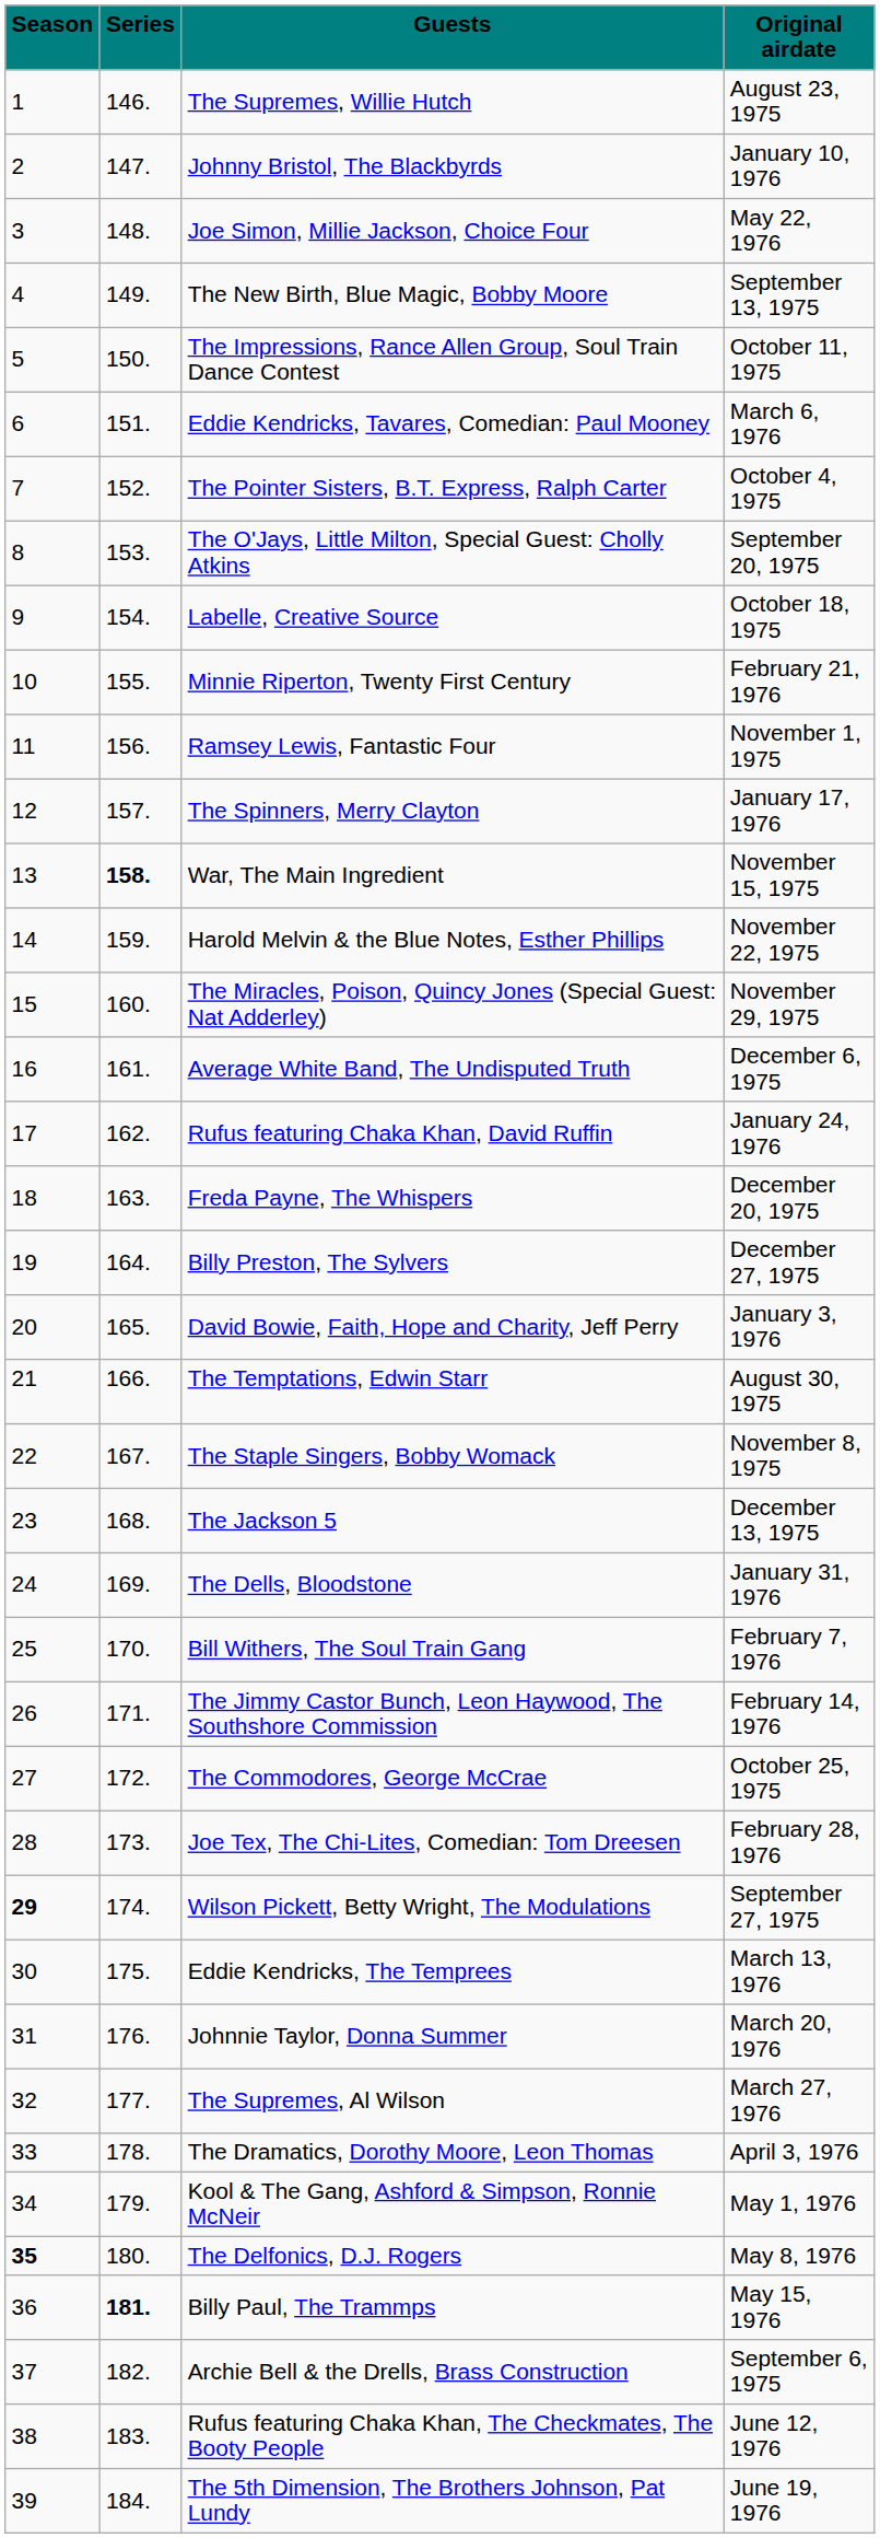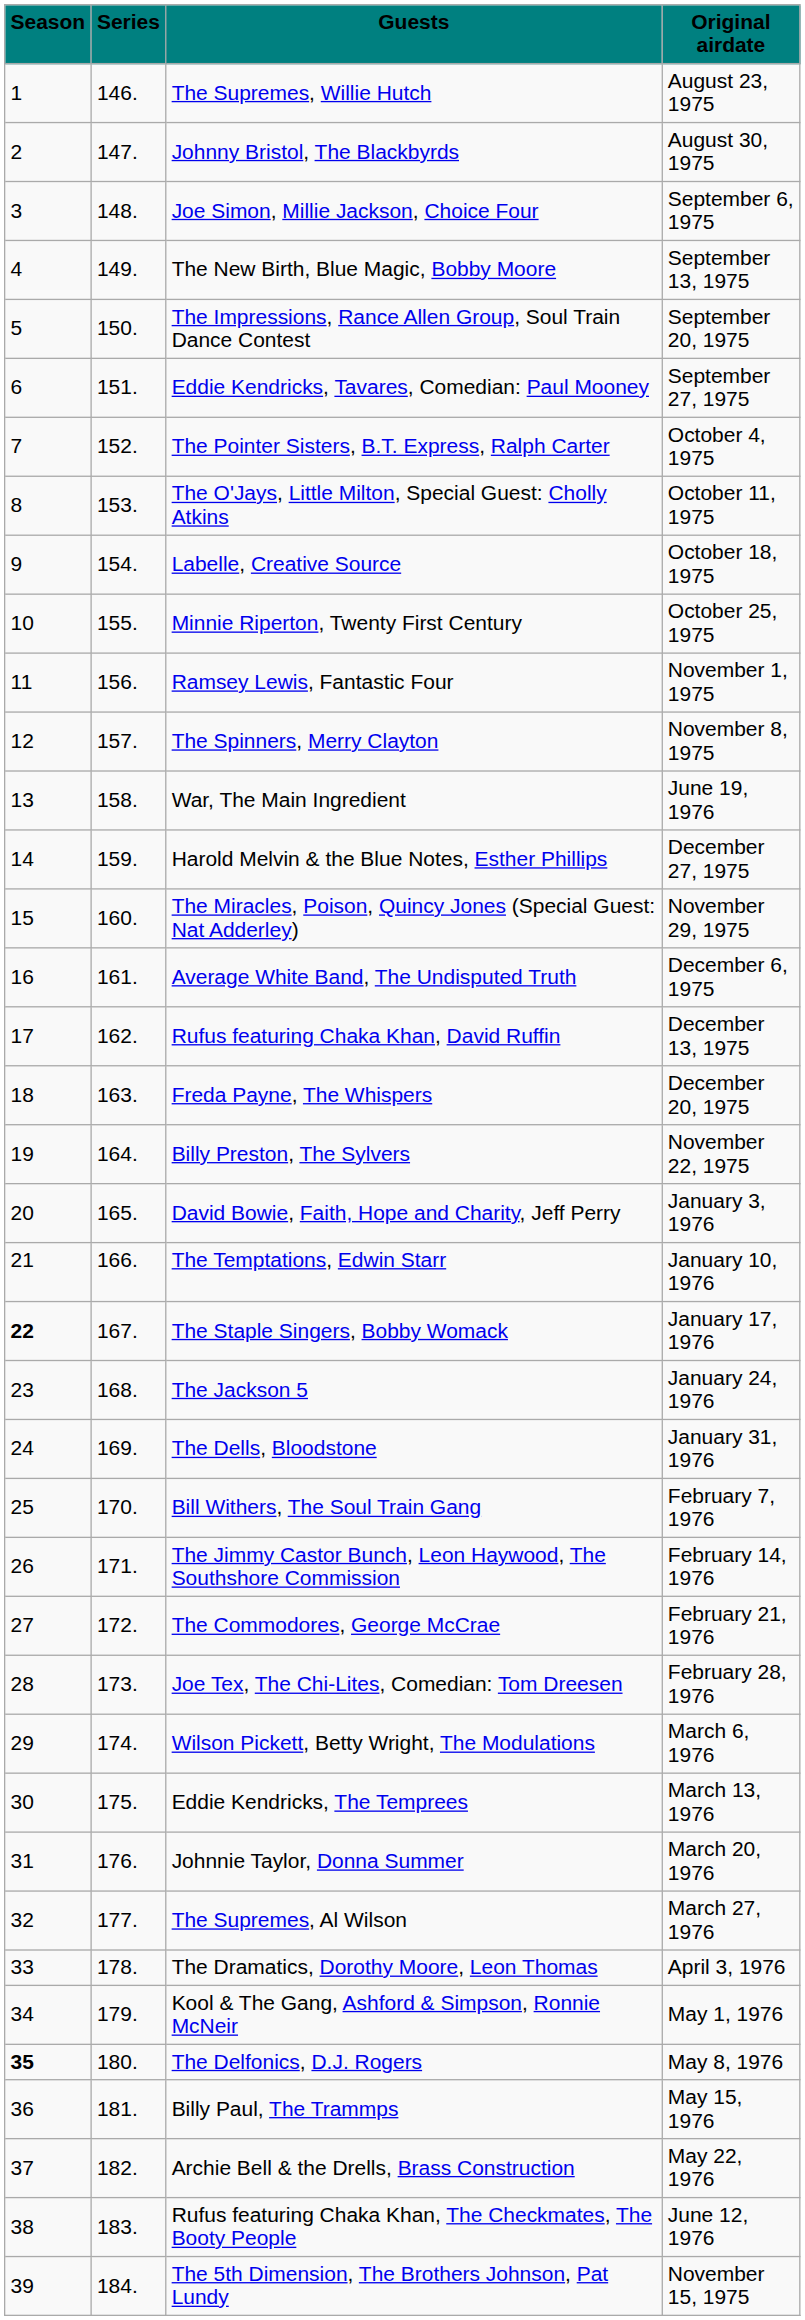 <table class="toccolours" border="2" cellpadding="4" cellspacing="0" style="margin: 1em 1em 1em 0; background: #f9f9f9; border: 1px #aaa solid; border-collapse: collapse">
 <tr style="vertical-align: top; text-align: center; background-color:#008080">
 <th><strong>Season</strong></th>
 <th><strong>Series</strong></th>
 <th style="width:800px;"><strong>Guests</strong></th>
 <th style="width:125px;"><strong>Original airdate</strong></th>
 </tr>
 <tr>
 <td>1</td>
 <td>146.</td>
 <td><a href='#'>The Supremes</a>, <a href='#'>Willie Hutch</a></td>
 <td>August 23, 1975</td>
 </tr>
 <tr>
 <td>2</td>
 <td>147.</td>
 <td><a href='#'>Johnny Bristol</a>, <a href='#'>The Blackbyrds</a></td>
-<td>January 10, 1976</td>
+<td>August 30, 1975</td>
 </tr>
 <tr>
 <td>3</td>
 <td>148.</td>
 <td><a href='#'>Joe Simon</a>, <a href='#'>Millie Jackson</a>, <a href='#'>Choice Four</a></td>
-<td>May 22, 1976</td>
+<td>September 6, 1975</td>
 </tr>
 <tr>
 <td>4</td>
 <td>149.</td>
 <td>The New Birth, Blue Magic, <a href='#'>Bobby Moore</a></td>
 <td>September 13, 1975</td>
 </tr>
 <tr>
 <td>5</td>
 <td>150.</td>
 <td><a href='#'>The Impressions</a>, <a href='#'>Rance Allen Group</a>, Soul Train Dance Contest</td>
-<td>October 11, 1975</td>
+<td>September 20, 1975</td>
 </tr>
 <tr>
 <td>6</td>
 <td>151.</td>
 <td><a href='#'>Eddie Kendricks</a>, <a href='#'>Tavares</a>, Comedian:  <a href='#'>Paul Mooney</a></td>
-<td>March 6, 1976</td>
+<td>September 27, 1975</td>
 </tr>
 <tr>
 <td>7</td>
 <td>152.</td>
 <td><a href='#'>The Pointer Sisters</a>, <a href='#'>B.T. Express</a>, <a href='#'>Ralph Carter</a></td>
 <td>October 4, 1975</td>
 </tr>
 <tr>
 <td>8</td>
 <td>153.</td>
 <td><a href='#'>The O'Jays</a>, <a href='#'>Little Milton</a>, Special Guest: <a href='#'>Cholly Atkins</a></td>
-<td>September 20, 1975</td>
+<td>October 11, 1975</td>
 </tr>
 <tr>
 <td>9</td>
 <td>154.</td>
 <td><a href='#'>Labelle</a>, <a href='#'>Creative Source</a></td>
 <td>October 18, 1975</td>
 </tr>
 <tr>
 <td>10</td>
 <td>155.</td>
 <td><a href='#'>Minnie Riperton</a>, Twenty First Century</td>
-<td>February 21, 1976</td>
+<td>October 25, 1975</td>
 </tr>
 <tr>
 <td>11</td>
 <td>156.</td>
 <td><a href='#'>Ramsey Lewis</a>, Fantastic Four</td>
 <td>November 1, 1975</td>
 </tr>
 <tr>
 <td>12</td>
 <td>157.</td>
 <td><a href='#'>The Spinners</a>, <a href='#'>Merry Clayton</a></td>
-<td>January 17, 1976</td>
+<td>November 8, 1975</td>
 </tr>
 <tr>
 <td>13</td>
-<td><strong>158.</strong></td>
+<td>158.</td>
 <td>War, The Main Ingredient</td>
-<td>November 15, 1975</td>
+<td>June 19, 1976</td>
 </tr>
 <tr>
 <td>14</td>
 <td>159.</td>
 <td>Harold Melvin & the Blue Notes, <a href='#'>Esther Phillips</a></td>
-<td>November 22, 1975</td>
+<td>December 27, 1975</td>
 </tr>
 <tr>
 <td>15</td>
 <td>160.</td>
 <td><a href='#'>The Miracles</a>, <a href='#'>Poison</a>, <a href='#'>Quincy Jones</a> (Special Guest: <a href='#'>Nat Adderley</a>)</td>
 <td>November 29, 1975</td>
 </tr>
 <tr>
 <td>16</td>
 <td>161.</td>
 <td><a href='#'>Average White Band</a>, <a href='#'>The Undisputed Truth</a></td>
 <td>December 6, 1975</td>
 </tr>
 <tr>
 <td>17</td>
 <td>162.</td>
 <td><a href='#'>Rufus featuring Chaka Khan</a>, <a href='#'>David Ruffin</a></td>
-<td>January 24, 1976</td>
+<td>December 13, 1975</td>
 </tr>
 <tr>
 <td>18</td>
 <td>163.</td>
 <td><a href='#'>Freda Payne</a>, <a href='#'>The Whispers</a></td>
 <td>December 20, 1975</td>
 </tr>
 <tr>
 <td>19</td>
 <td>164.</td>
 <td><a href='#'>Billy Preston</a>, <a href='#'>The Sylvers</a></td>
-<td>December 27, 1975</td>
+<td>November 22, 1975</td>
 </tr>
 <tr>
 <td>20</td>
 <td>165.</td>
 <td><a href='#'>David Bowie</a>, <a href='#'>Faith, Hope and Charity</a>, Jeff Perry</td>
 <td>January 3, 1976</td>
 </tr>
 <tr style="vertical-align: top; text-align: left">
 <td>21</td>
 <td>166.</td>
 <td><a href='#'>The Temptations</a>, <a href='#'>Edwin Starr</a></td>
-<td>August 30, 1975</td>
+<td>January 10, 1976</td>
 </tr>
 <tr>
-<td>22</td>
+<td><strong>22</strong></td>
 <td>167.</td>
 <td><a href='#'>The Staple Singers</a>, <a href='#'>Bobby Womack</a></td>
-<td>November 8, 1975</td>
+<td>January 17, 1976</td>
 </tr>
 <tr>
 <td>23</td>
 <td>168.</td>
 <td><a href='#'>The Jackson 5</a></td>
-<td>December 13, 1975</td>
+<td>January 24, 1976</td>
 </tr>
 <tr>
 <td>24</td>
 <td>169.</td>
 <td><a href='#'>The Dells</a>, <a href='#'>Bloodstone</a></td>
 <td>January 31, 1976</td>
 </tr>
 <tr>
 <td>25</td>
 <td>170.</td>
 <td><a href='#'>Bill Withers</a>, <a href='#'>The Soul Train Gang</a></td>
 <td>February 7, 1976</td>
 </tr>
 <tr>
 <td>26</td>
 <td>171.</td>
 <td><a href='#'>The Jimmy Castor Bunch</a>, <a href='#'>Leon Haywood</a>, <a href='#'>The Southshore Commission</a></td>
 <td>February 14, 1976</td>
 </tr>
 <tr>
 <td>27</td>
 <td>172.</td>
 <td><a href='#'>The Commodores</a>, <a href='#'>George McCrae</a></td>
-<td>October 25, 1975</td>
+<td>February 21, 1976</td>
 </tr>
 <tr>
 <td>28</td>
 <td>173.</td>
 <td><a href='#'>Joe Tex</a>, <a href='#'>The Chi-Lites</a>, Comedian: <a href='#'>Tom Dreesen</a></td>
 <td>February 28, 1976</td>
 </tr>
 <tr>
-<td><strong>29</strong></td>
+<td>29</td>
 <td>174.</td>
 <td><a href='#'>Wilson Pickett</a>, Betty Wright, <a href='#'>The Modulations</a></td>
-<td>September 27, 1975</td>
+<td>March 6, 1976</td>
 </tr>
 <tr>
 <td>30</td>
 <td>175.</td>
 <td>Eddie Kendricks, <a href='#'>The Temprees</a></td>
 <td>March 13, 1976</td>
 </tr>
 <tr>
 <td>31</td>
 <td>176.</td>
 <td>Johnnie Taylor, <a href='#'>Donna Summer</a></td>
 <td>March 20, 1976</td>
 </tr>
 <tr>
 <td>32</td>
 <td>177.</td>
 <td><a href='#'>The Supremes</a>, Al Wilson</td>
 <td>March 27, 1976</td>
 </tr>
 <tr>
 <td>33</td>
 <td>178.</td>
 <td>The Dramatics, <a href='#'>Dorothy Moore</a>, <a href='#'>Leon Thomas</a></td>
 <td>April 3, 1976</td>
 </tr>
 <tr>
 <td>34</td>
 <td>179.</td>
 <td>Kool & The Gang, <a href='#'>Ashford & Simpson</a>, <a href='#'>Ronnie McNeir</a></td>
 <td>May 1, 1976</td>
 </tr>
 <tr>
 <td><strong>35</strong></td>
 <td>180.</td>
 <td><a href='#'>The Delfonics</a>, <a href='#'>D.J. Rogers</a></td>
 <td>May 8, 1976</td>
 </tr>
 <tr>
 <td>36</td>
-<td><strong>181.</strong></td>
+<td>181.</td>
 <td>Billy Paul, <a href='#'>The Trammps</a></td>
 <td>May 15, 1976</td>
 </tr>
 <tr>
 <td>37</td>
 <td>182.</td>
 <td>Archie Bell & the Drells, <a href='#'>Brass Construction</a></td>
-<td>September 6, 1975</td>
+<td>May 22, 1976</td>
 </tr>
 <tr>
 <td>38</td>
 <td>183.</td>
 <td>Rufus featuring Chaka Khan, <a href='#'>The Checkmates</a>, <a href='#'>The Booty People</a></td>
 <td>June 12, 1976</td>
 </tr>
 <tr>
 <td>39</td>
 <td>184.</td>
 <td><a href='#'>The 5th Dimension</a>, <a href='#'>The Brothers Johnson</a>, <a href='#'>Pat Lundy</a></td>
-<td>June 19, 1976</td>
+<td>November 15, 1975</td>
 </tr>
 <tr>
 </tr>
 </table>
